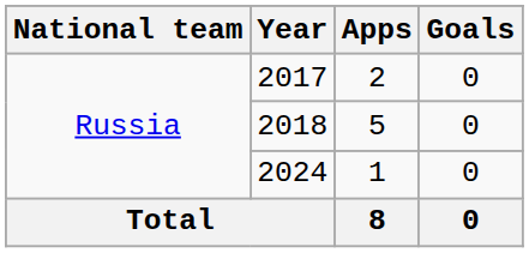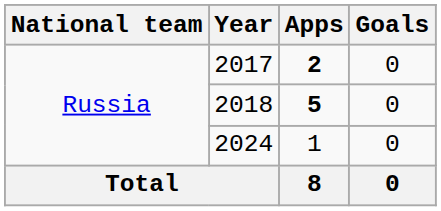 <table class="wikitable" style="text-align:center">
 <tr>
 <th>National team</th>
 <th>Year</th>
 <th>Apps</th>
 <th>Goals</th>
 </tr>
 <tr>
 <td rowspan="3"><a href='#'>Russia</a></td>
 <td>2017</td>
-<td>2</td>
+<td><strong>2</strong></td>
 <td>0</td>
 </tr>
 <tr>
 <td>2018</td>
-<td>5</td>
+<td><strong>5</strong></td>
 <td>0</td>
 </tr>
 <tr>
 <td>2024</td>
 <td>1</td>
 <td>0</td>
 </tr>
 <tr>
 <th colspan="2">Total</th>
 <th>8</th>
 <th>0</th>
 </tr>
 </table>
